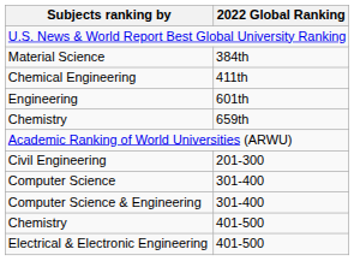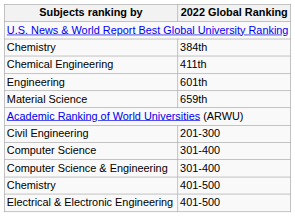 <table class="wikitable">
 <tr>
 <th>Subjects ranking by</th>
 <th>2022 Global Ranking</th>
 </tr>
 <tr>
 <td colspan="2"><a href='#'>U.S. News & World Report Best Global University Ranking</a></td>
 </tr>
 <tr>
-<td>Material Science</td>
+<td>Chemistry</td>
 <td>384th</td>
 </tr>
 <tr>
 <td>Chemical Engineering</td>
 <td>411th</td>
 </tr>
 <tr>
 <td>Engineering</td>
 <td>601th</td>
 </tr>
 <tr>
-<td>Chemistry</td>
+<td>Material Science</td>
 <td>659th</td>
 </tr>
 <tr>
 <td colspan="2"><a href='#'>Academic Ranking of World Universities</a> (ARWU)</td>
 </tr>
 <tr>
 <td>Civil Engineering</td>
 <td>201-300</td>
 </tr>
 <tr>
 <td>Computer Science</td>
 <td>301-400</td>
 </tr>
 <tr>
 <td>Computer Science & Engineering</td>
 <td>301-400</td>
 </tr>
 <tr>
 <td>Chemistry</td>
 <td>401-500</td>
 </tr>
 <tr>
 <td>Electrical & Electronic Engineering</td>
 <td>401-500</td>
 </tr>
 </table>
